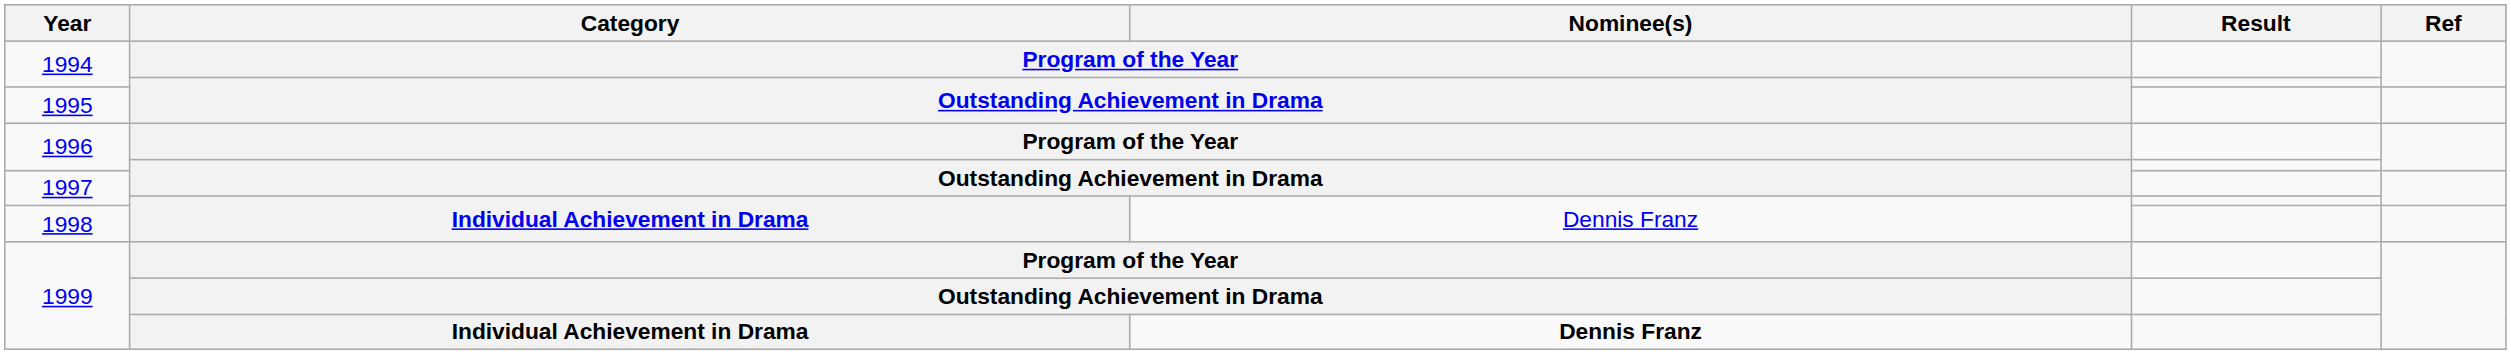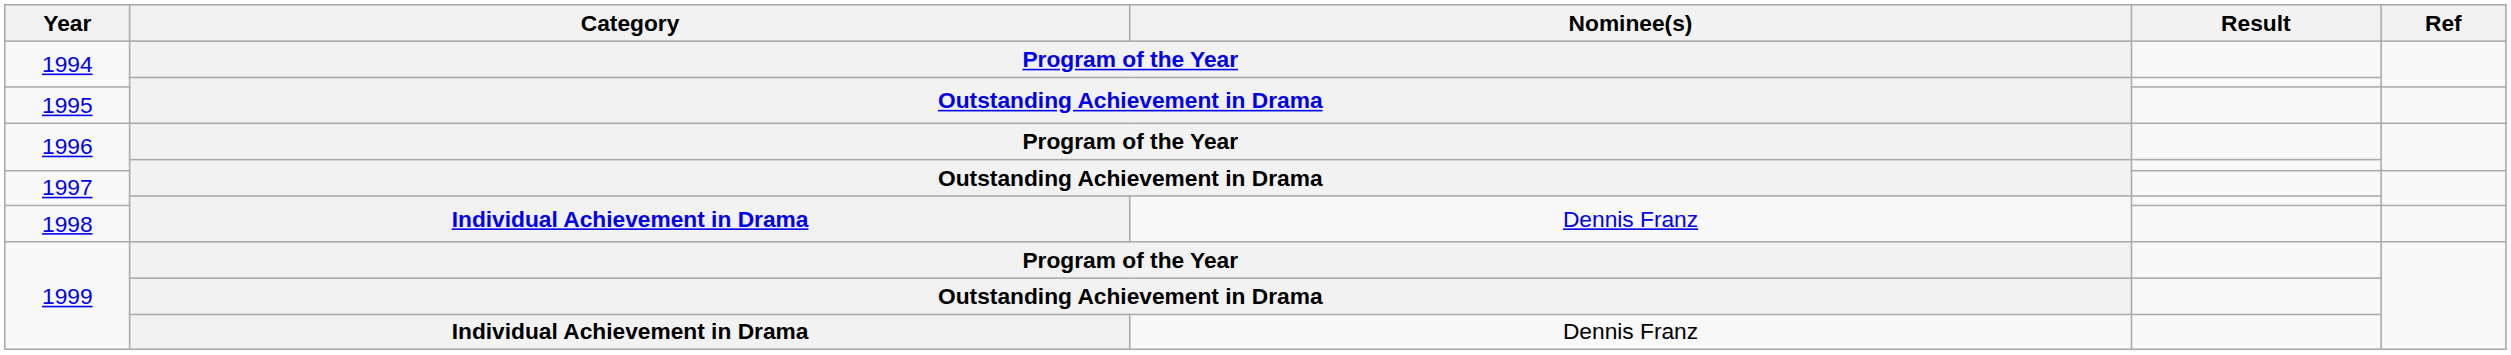 <table class="wikitable plainrowheaders" style="font-size: 90%; text-align:center" width=100%>
 <tr>
 <th scope="col" width="5%">Year</th>
 <th scope="col" width="40%">Category</th>
 <th scope="col" width="40%">Nominee(s)</th>
 <th scope="col" width="10%">Result</th>
 <th scope="col" width="5%">Ref</th>
 </tr>
 <tr>
 <td rowspan="2"><a href='#'>1994</a></td>
 <th scope="row" style="text-align:center" colspan="2"><a href='#'>Program of the Year</a></th>
 <td></td>
 <td rowspan="2"></td>
 </tr>
 <tr>
 <th scope="row" style="text-align:center" rowspan="2" colspan="2"><a href='#'>Outstanding Achievement in Drama</a></th>
 <td></td>
 </tr>
 <tr>
 <td><a href='#'>1995</a></td>
 <td></td>
 <td></td>
 </tr>
 <tr>
 <td rowspan="2"><a href='#'>1996</a></td>
 <th scope="row" style="text-align:center" colspan="2">Program of the Year</th>
 <td></td>
 <td rowspan="2"></td>
 </tr>
 <tr>
 <th scope="row" style="text-align:center" rowspan="2" colspan="2">Outstanding Achievement in Drama</th>
 <td></td>
 </tr>
 <tr>
 <td rowspan="2"><a href='#'>1997</a></td>
 <td></td>
 <td rowspan="2"></td>
 </tr>
 <tr>
 <th scope="row" style="text-align:center" rowspan="2"><a href='#'>Individual Achievement in Drama</a></th>
 <td rowspan="2"><a href='#'>Dennis Franz</a></td>
 <td></td>
 </tr>
 <tr>
 <td><a href='#'>1998</a></td>
 <td></td>
 <td></td>
 </tr>
 <tr>
 <td rowspan="3"><a href='#'>1999</a></td>
 <th scope="row" style="text-align:center" colspan="2">Program of the Year</th>
 <td></td>
 <td rowspan="3"></td>
 </tr>
 <tr>
 <th scope="row" style="text-align:center" colspan="2">Outstanding Achievement in Drama</th>
 <td></td>
 </tr>
 <tr>
 <th scope="row" style="text-align:center">Individual Achievement in Drama</th>
-<td><strong>Dennis Franz</strong></td>
+<td>Dennis Franz</td>
 <td></td>
 </tr>
 </table>
